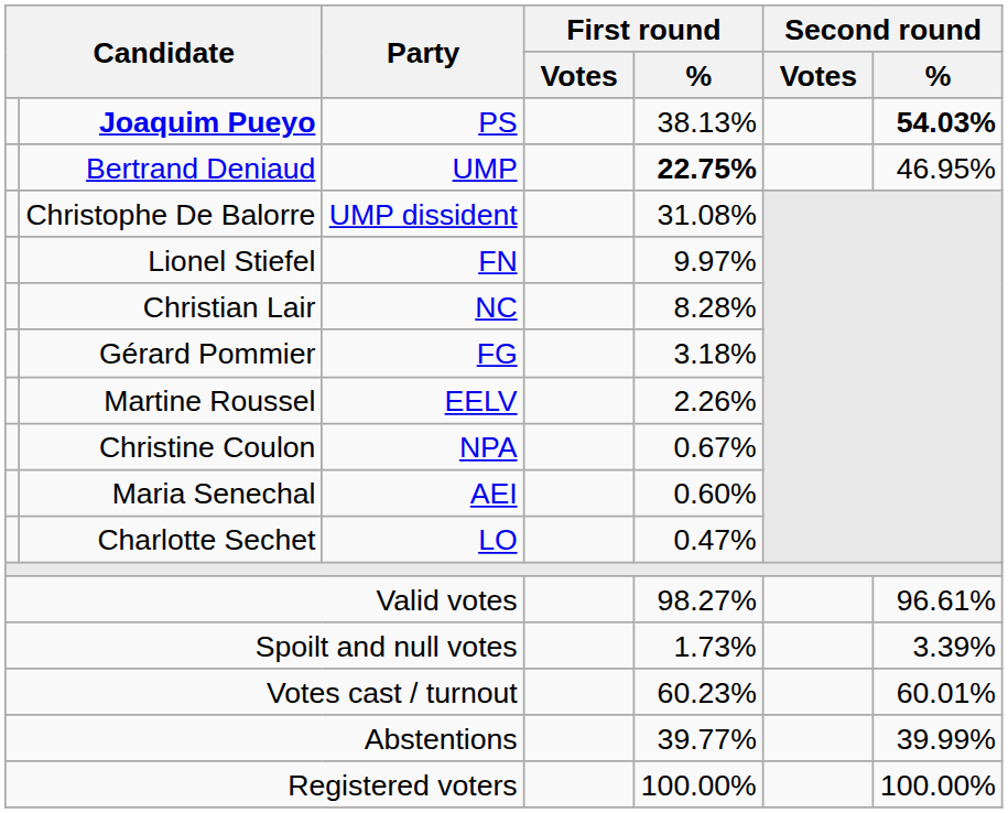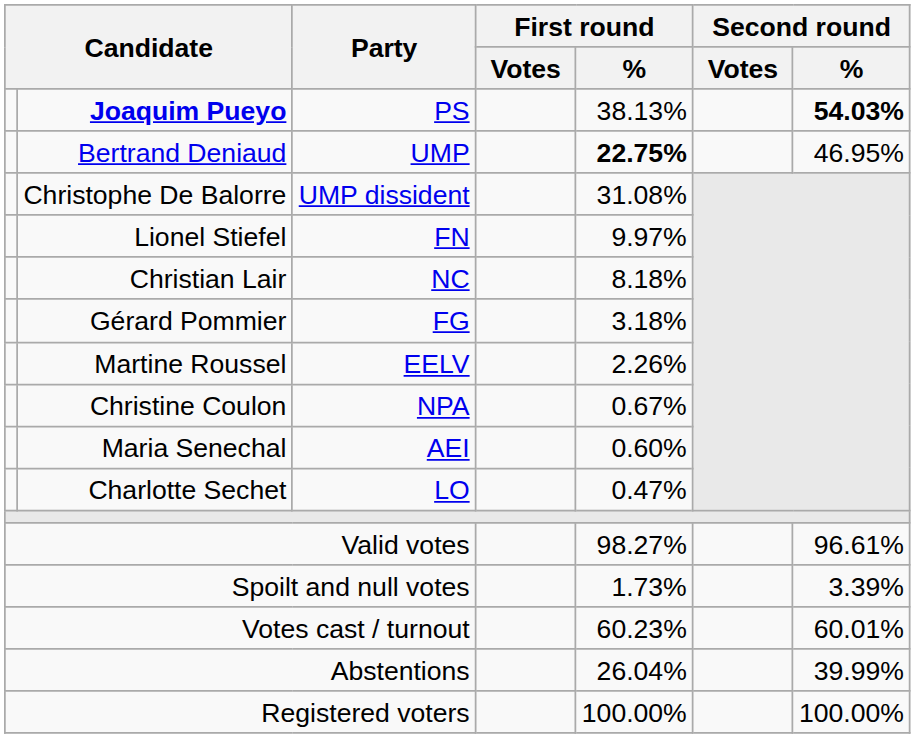 <table class="wikitable" style="text-align:right;font-size:95%;">
 <tr>
 <th rowspan=2 colspan=2>Candidate</th>
 <th rowspan=2 colspan=1>Party</th>
 <th colspan=2>First round</th>
 <th colspan=2>Second round</th>
 </tr>
 <tr>
 <th style="width:50px;">Votes</th>
 <th style="width:55px;">%</th>
 <th style="width:50px;">Votes</th>
 <th style="width:55px;">%</th>
 </tr>
 <tr>
 <td style="background-color:"></td>
 <td><strong><a href='#'>Joaquim Pueyo</a></strong></td>
 <td><a href='#'>PS</a></td>
 <td></td>
 <td>38.13%</td>
 <td><strong></strong></td>
 <td><strong>54.03%</strong></td>
 </tr>
 <tr>
 <td style="background-color:"></td>
 <td><a href='#'>Bertrand Deniaud</a></td>
 <td><a href='#'>UMP</a></td>
 <td></td>
 <td><strong>22.75%</strong></td>
 <td></td>
 <td>46.95%</td>
 </tr>
 <tr>
 <td style="background-color:"></td>
 <td>Christophe De Balorre</td>
 <td><a href='#'>UMP dissident</a></td>
 <td></td>
 <td>31.08%</td>
 <td colspan=7 rowspan=8 style="background-color:#E9E9E9;"></td>
 </tr>
 <tr>
 <td style="background-color:"></td>
 <td>Lionel Stiefel</td>
 <td><a href='#'>FN</a></td>
 <td></td>
 <td>9.97%</td>
 </tr>
 <tr>
 <td style="background-color:"></td>
 <td>Christian Lair</td>
 <td><a href='#'>NC</a></td>
 <td></td>
-<td>8.28%</td>
+<td>8.18%</td>
 </tr>
 <tr>
 <td style="background-color:"></td>
 <td>Gérard Pommier</td>
 <td><a href='#'>FG</a></td>
 <td></td>
 <td>3.18%</td>
 </tr>
 <tr>
 <td style="background-color:"></td>
 <td>Martine Roussel</td>
 <td><a href='#'>EELV</a></td>
 <td></td>
 <td>2.26%</td>
 </tr>
 <tr>
 <td style="background-color:"></td>
 <td>Christine Coulon</td>
 <td><a href='#'>NPA</a></td>
 <td></td>
 <td>0.67%</td>
 </tr>
 <tr>
 <td style="background-color:"></td>
 <td>Maria Senechal</td>
 <td><a href='#'>AEI</a></td>
 <td></td>
 <td>0.60%</td>
 </tr>
 <tr>
 <td style="background-color:"></td>
 <td>Charlotte Sechet</td>
 <td><a href='#'>LO</a></td>
 <td></td>
 <td>0.47%</td>
 </tr>
 <tr>
 <td colspan=7 style="background-color:#E9E9E9;"></td>
 </tr>
 <tr>
 <td colspan=3>Valid votes</td>
 <td></td>
 <td>98.27%</td>
 <td></td>
 <td>96.61%</td>
 </tr>
 <tr>
 <td colspan=3>Spoilt and null votes</td>
 <td></td>
 <td>1.73%</td>
 <td></td>
 <td>3.39%</td>
 </tr>
 <tr>
 <td colspan=3>Votes cast / turnout</td>
 <td></td>
 <td>60.23%</td>
 <td></td>
 <td>60.01%</td>
 </tr>
 <tr>
 <td colspan=3>Abstentions</td>
 <td></td>
-<td>39.77%</td>
+<td>26.04%</td>
 <td></td>
 <td>39.99%</td>
 </tr>
 <tr>
 <td colspan=3>Registered voters</td>
 <td></td>
 <td>100.00%</td>
 <td></td>
 <td>100.00%</td>
 </tr>
 </table>
